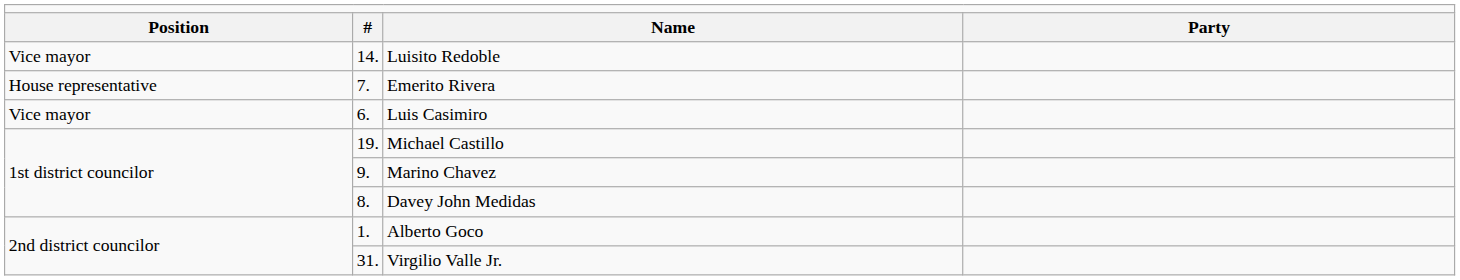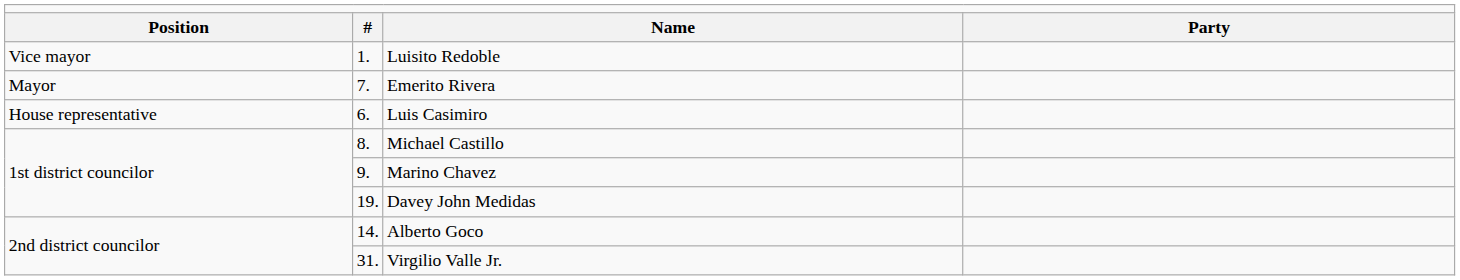 <table class=wikitable style="font-size:95%" width=99%>
 <tr>
 <td colspan="5"></td>
 </tr>
 <tr>
 <th width=24%>Position</th>
 <th width=1%>#</th>
 <th width=40%>Name</th>
 <th colspan=2>Party</th>
 </tr>
 <tr>
 <td>Vice mayor</td>
-<td>14.</td>
+<td>1.</td>
 <td>Luisito Redoble</td>
 <td></td>
 </tr>
 <tr>
-<td>House representative</td>
+<td>Mayor</td>
 <td>7.</td>
 <td>Emerito Rivera</td>
 <td></td>
 </tr>
 <tr>
-<td>Vice mayor</td>
+<td>House representative</td>
 <td>6.</td>
 <td>Luis Casimiro</td>
 <td></td>
 </tr>
 <tr>
 <td rowspan="3">1st district councilor</td>
-<td>19.</td>
+<td>8.</td>
 <td>Michael Castillo</td>
 <td></td>
 </tr>
 <tr>
 <td>9.</td>
 <td>Marino Chavez</td>
 <td></td>
 </tr>
 <tr>
-<td>8.</td>
+<td>19.</td>
 <td>Davey John Medidas</td>
 <td></td>
 </tr>
 <tr>
 <td rowspan="2">2nd district councilor</td>
-<td>1.</td>
+<td>14.</td>
 <td>Alberto Goco</td>
 <td></td>
 </tr>
 <tr>
 <td>31.</td>
 <td>Virgilio Valle Jr.</td>
 <td></td>
 </tr>
 </table>
